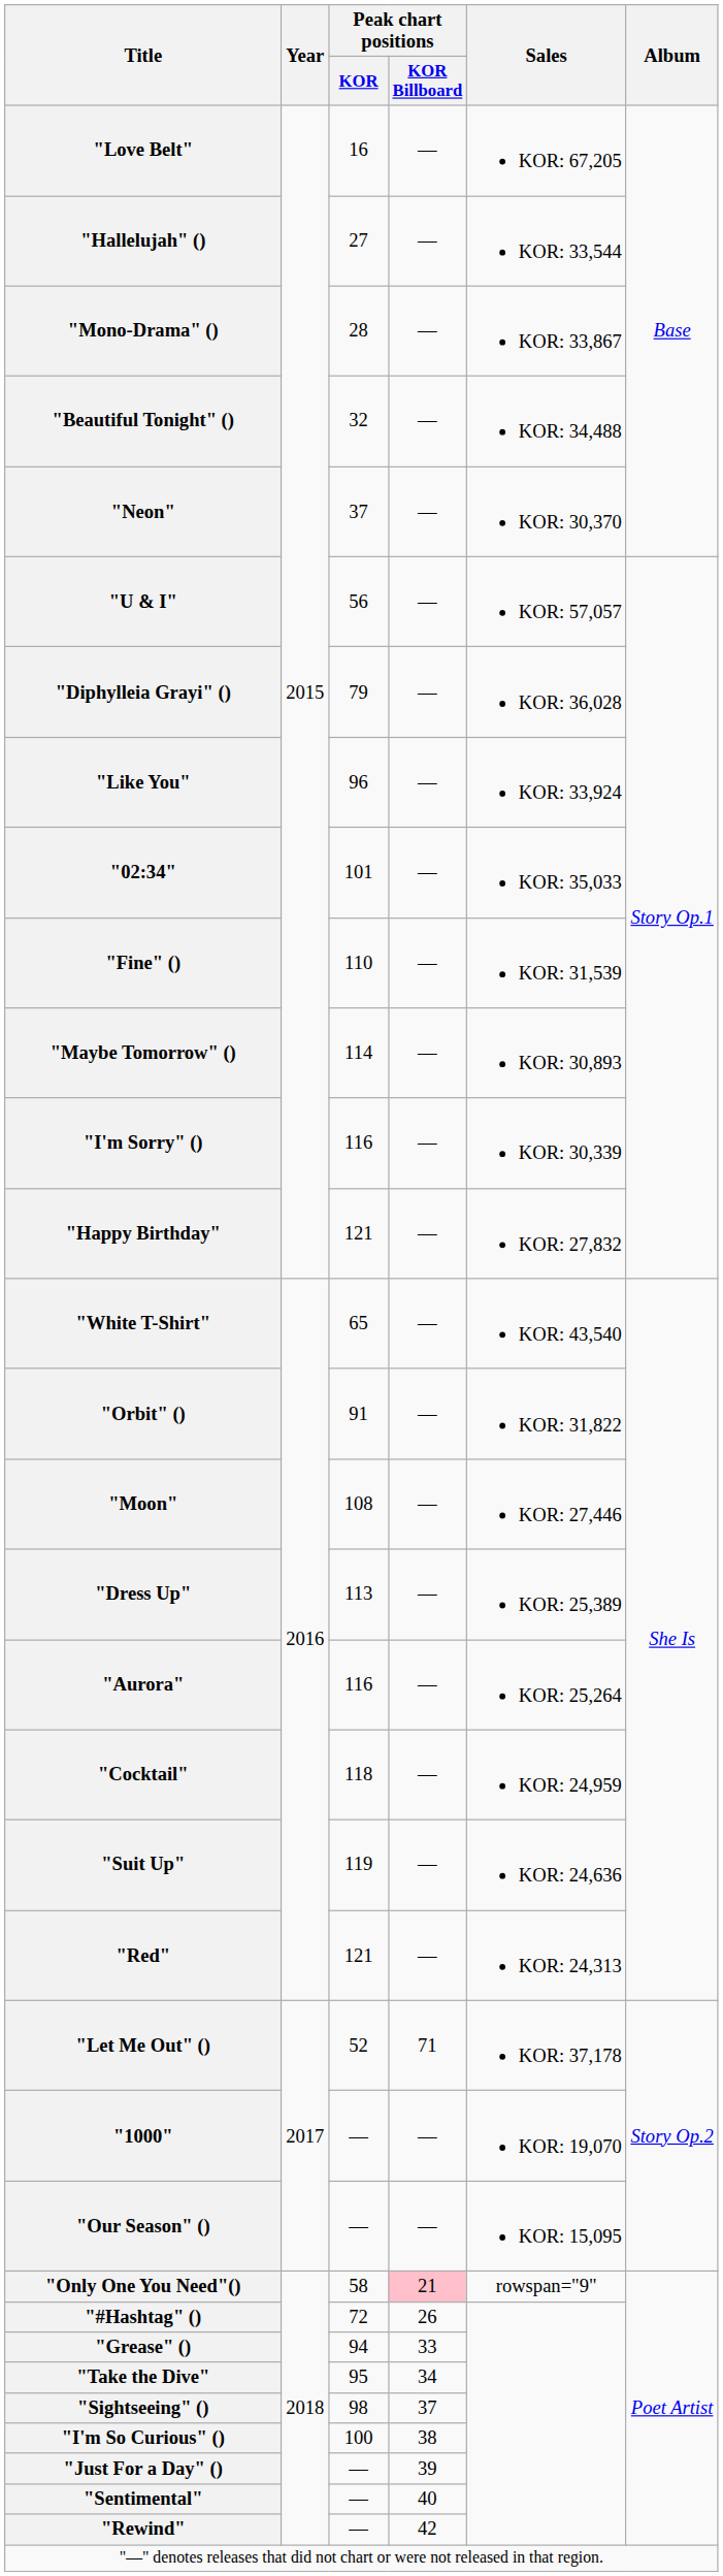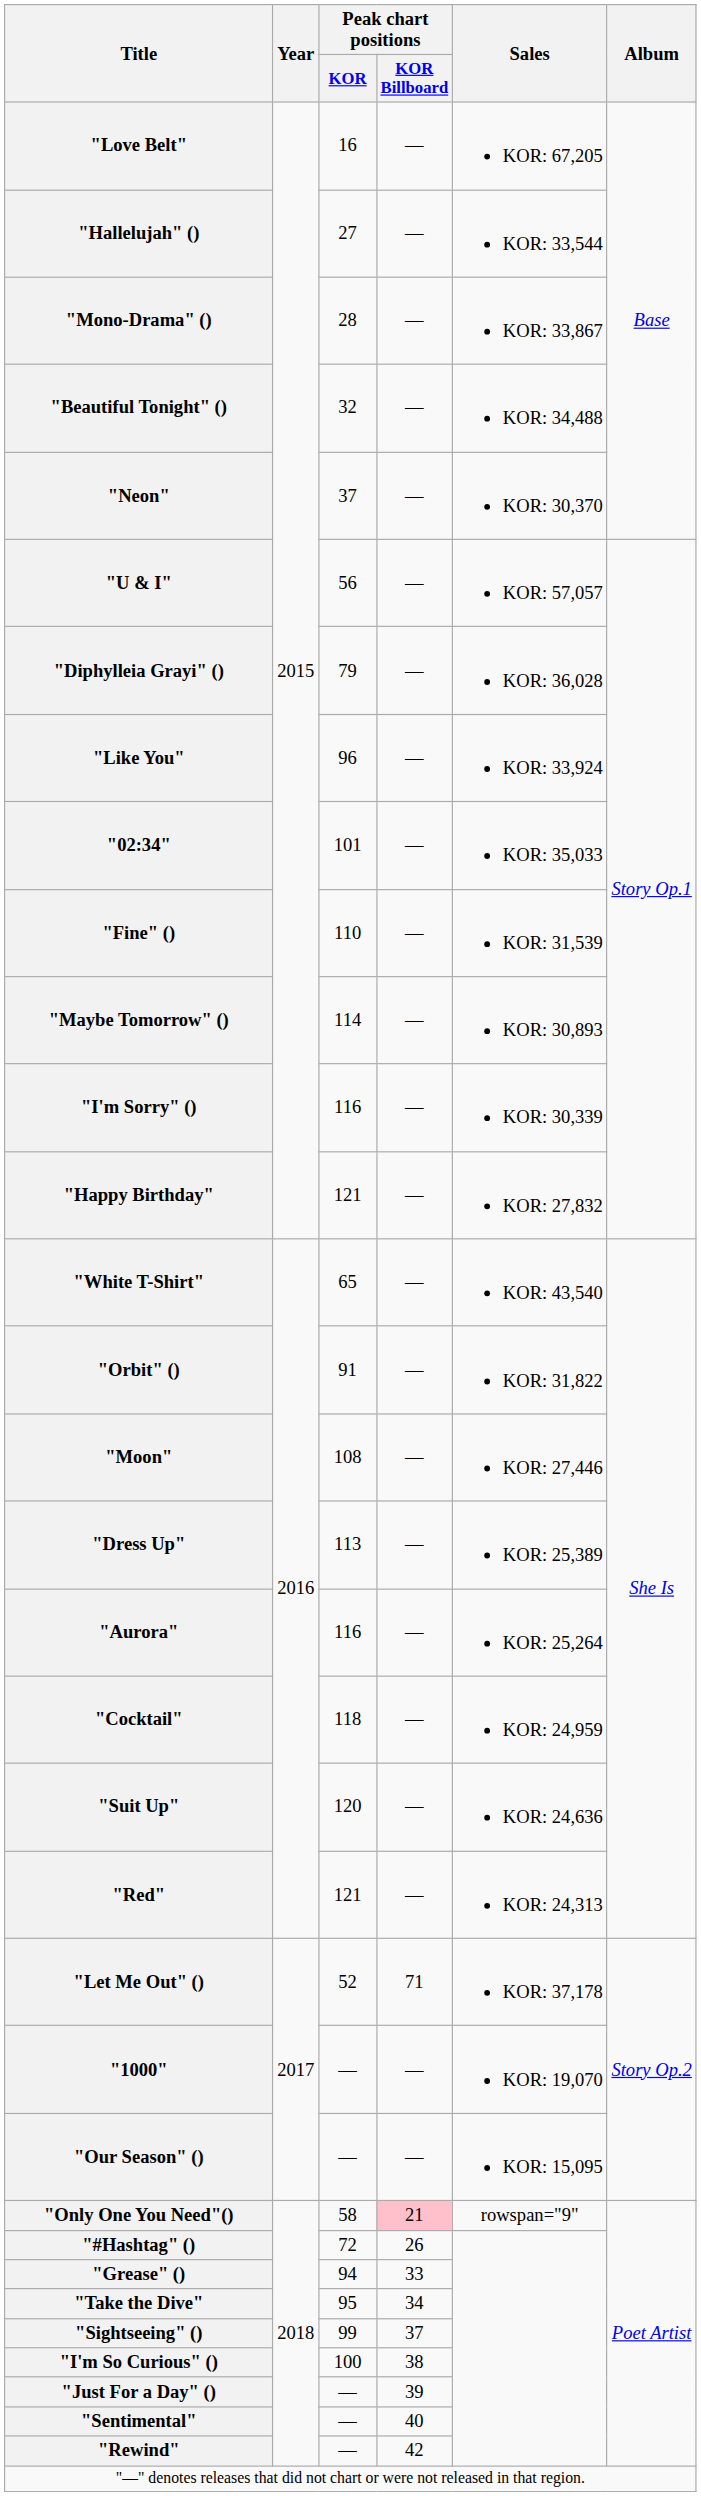 <table class="wikitable plainrowheaders" style="text-align:center;">
 <tr>
 <th scope="col" rowspan="2" style="width:14em;">Title</th>
 <th scope="col" rowspan="2">Year</th>
 <th scope="col" colspan="2">Peak chart positions</th>
 <th scope="col" rowspan="2">Sales</th>
 <th scope="col" rowspan="2">Album</th>
 </tr>
 <tr>
 <th scope="col" style="width:3em;font-size:90%;"><a href='#'>KOR</a><br></th>
 <th scope="col" style="width:3em;font-size:90%;"><a href='#'>KOR<br>Billboard</a><br></th>
 </tr>
 <tr>
 <th scope="row">"Love Belt"<br></th>
 <td rowspan="13">2015</td>
 <td>16</td>
 <td>—</td>
 <td><br><ul><li>KOR: 67,205</li></ul></td>
 <td rowspan="5"><em><a href='#'>Base</a></em></td>
 </tr>
 <tr>
 <th scope="row">"Hallelujah" ()</th>
 <td>27</td>
 <td>—</td>
 <td><br><ul><li>KOR: 33,544</li></ul></td>
 </tr>
 <tr>
 <th scope="row">"Mono-Drama" ()</th>
 <td>28</td>
 <td>—</td>
 <td><br><ul><li>KOR: 33,867</li></ul></td>
 </tr>
 <tr>
 <th scope="row">"Beautiful Tonight" ()</th>
 <td>32</td>
 <td>—</td>
 <td><br><ul><li>KOR: 34,488</li></ul></td>
 </tr>
 <tr>
 <th scope="row">"Neon"</th>
 <td>37</td>
 <td>—</td>
 <td><br><ul><li>KOR: 30,370</li></ul></td>
 </tr>
 <tr>
 <th scope="row">"U & I"</th>
 <td>56</td>
 <td>—</td>
 <td><br><ul><li>KOR: 57,057</li></ul></td>
 <td rowspan="8"><em><a href='#'>Story Op.1</a></em></td>
 </tr>
 <tr>
 <th scope="row">"Diphylleia Grayi" ()</th>
 <td>79</td>
 <td>—</td>
 <td><br><ul><li>KOR: 36,028</li></ul></td>
 </tr>
 <tr>
 <th scope="row">"Like You"</th>
 <td>96</td>
 <td>—</td>
 <td><br><ul><li>KOR: 33,924</li></ul></td>
 </tr>
 <tr>
 <th scope="row">"02:34"</th>
 <td>101</td>
 <td>—</td>
 <td><br><ul><li>KOR: 35,033</li></ul></td>
 </tr>
 <tr>
 <th scope="row">"Fine" ()</th>
 <td>110</td>
 <td>—</td>
 <td><br><ul><li>KOR: 31,539</li></ul></td>
 </tr>
 <tr>
 <th scope="row">"Maybe Tomorrow" ()</th>
 <td>114</td>
 <td>—</td>
 <td><br><ul><li>KOR: 30,893</li></ul></td>
 </tr>
 <tr>
 <th scope="row">"I'm Sorry" ()</th>
 <td>116</td>
 <td>—</td>
 <td><br><ul><li>KOR: 30,339</li></ul></td>
 </tr>
 <tr>
 <th scope="row">"Happy Birthday"</th>
 <td>121</td>
 <td>—</td>
 <td><br><ul><li>KOR: 27,832</li></ul></td>
 </tr>
 <tr>
 <th scope="row">"White T-Shirt"</th>
 <td rowspan="8">2016</td>
 <td>65</td>
 <td>—</td>
 <td><br><ul><li>KOR: 43,540</li></ul></td>
 <td rowspan="8"><em><a href='#'>She Is</a></em></td>
 </tr>
 <tr>
 <th scope="row">"Orbit" ()</th>
 <td>91</td>
 <td>—</td>
 <td><br><ul><li>KOR: 31,822</li></ul></td>
 </tr>
 <tr>
 <th scope="row">"Moon"</th>
 <td>108</td>
 <td>—</td>
 <td><br><ul><li>KOR: 27,446</li></ul></td>
 </tr>
 <tr>
 <th scope="row">"Dress Up"</th>
 <td>113</td>
 <td>—</td>
 <td><br><ul><li>KOR: 25,389</li></ul></td>
 </tr>
 <tr>
 <th scope="row">"Aurora"</th>
 <td>116</td>
 <td>—</td>
 <td><br><ul><li>KOR: 25,264</li></ul></td>
 </tr>
 <tr>
 <th scope="row">"Cocktail"</th>
 <td>118</td>
 <td>—</td>
 <td><br><ul><li>KOR: 24,959</li></ul></td>
 </tr>
 <tr>
 <th scope="row">"Suit Up"</th>
-<td>119</td>
+<td>120</td>
 <td>—</td>
 <td><br><ul><li>KOR: 24,636</li></ul></td>
 </tr>
 <tr>
 <th scope="row">"Red"</th>
 <td>121</td>
 <td>—</td>
 <td><br><ul><li>KOR: 24,313</li></ul></td>
 </tr>
 <tr>
 <th scope="row">"Let Me Out" ()</th>
 <td rowspan="3">2017</td>
 <td>52</td>
 <td>71</td>
 <td><br><ul><li>KOR: 37,178</li></ul></td>
 <td rowspan="3"><em><a href='#'>Story Op.2</a></em></td>
 </tr>
 <tr>
 <th scope="row">"1000"</th>
 <td>—</td>
 <td>—</td>
 <td><br><ul><li>KOR: 19,070</li></ul></td>
 </tr>
 <tr>
 <th scope="row">"Our Season" ()</th>
 <td>—</td>
 <td>—</td>
 <td><br><ul><li>KOR: 15,095</li></ul></td>
 </tr>
 <tr>
 <th scope="row">"Only One You Need"()</th>
 <td rowspan="9">2018</td>
 <td>58</td>
 <td style="background: pink;">21</td>
 <td>rowspan="9" </td>
 <td rowspan="9"><em><a href='#'>Poet  Artist</a></em></td>
 </tr>
 <tr>
 <th scope="row">"#Hashtag" ()</th>
 <td>72</td>
 <td>26</td>
 </tr>
 <tr>
 <th scope="row">"Grease" ()</th>
 <td>94</td>
 <td>33</td>
 </tr>
 <tr>
 <th scope="row">"Take the Dive"</th>
 <td>95</td>
 <td>34</td>
 </tr>
 <tr>
 <th scope="row">"Sightseeing" ()</th>
-<td>98</td>
+<td>99</td>
 <td>37</td>
 </tr>
 <tr>
 <th scope="row">"I'm So Curious" ()</th>
 <td>100</td>
 <td>38</td>
 </tr>
 <tr>
 <th scope="row">"Just For a Day" ()</th>
 <td>—</td>
 <td>39</td>
 </tr>
 <tr>
 <th scope="row">"Sentimental"</th>
 <td>—</td>
 <td>40</td>
 </tr>
 <tr>
 <th scope="row">"Rewind"</th>
 <td>—</td>
 <td>42</td>
 </tr>
 <tr>
 <td colspan="6" style="text-align:center; font-size:85%">"—" denotes releases that did not chart or were not released in that region.</td>
 </tr>
 </table>
